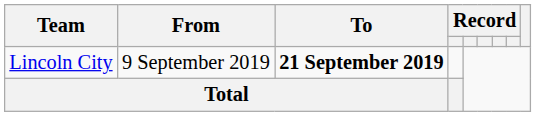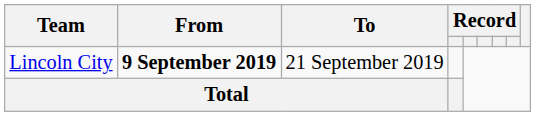 <table class=wikitable style=text-align:center>
 <tr>
 <th rowspan=2>Team</th>
 <th rowspan=2>From</th>
 <th rowspan=2>To</th>
 <th colspan=5>Record</th>
 <th rowspan=2></th>
 </tr>
 <tr>
 <th></th>
 <th></th>
 <th></th>
 <th></th>
 <th></th>
 </tr>
 <tr>
 <td align=left><a href='#'>Lincoln City</a></td>
-<td align=left>9 September 2019</td>
-<td align=left><strong>21 September 2019<br></strong></td>
+<td align=left><strong>9 September 2019</strong></td>
+<td align=left>21 September 2019<br></td>
 <td></td>
 </tr>
 <tr>
 <th colspan=3>Total<br></th>
 <th></th>
 </tr>
 </table>
